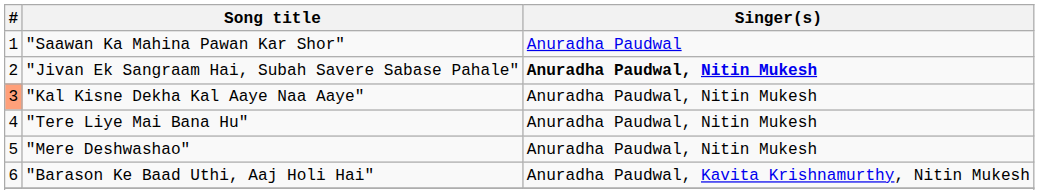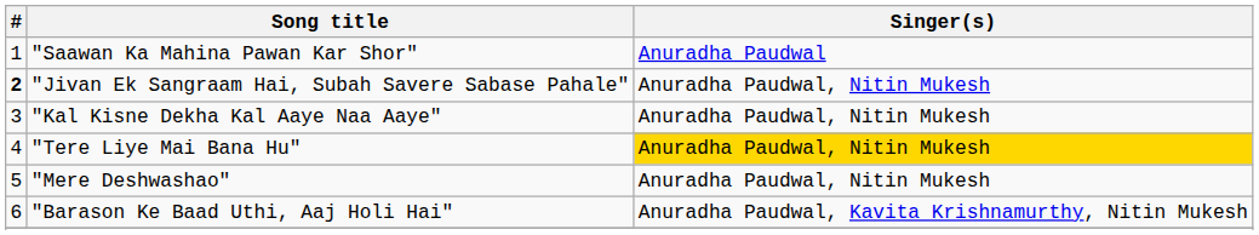 <table class="wikitable">
 <tr>
 <th>#</th>
 <th>Song title</th>
 <th>Singer(s)</th>
 </tr>
 <tr>
 <td>1</td>
 <td>"Saawan Ka Mahina Pawan Kar Shor"</td>
 <td><a href='#'>Anuradha Paudwal</a></td>
 </tr>
 <tr>
-<td>2</td>
+<td><strong>2</strong></td>
 <td>"Jivan Ek Sangraam Hai, Subah Savere Sabase Pahale"</td>
-<td><strong>Anuradha Paudwal, <a href='#'>Nitin Mukesh</a></strong></td>
+<td>Anuradha Paudwal, <a href='#'>Nitin Mukesh</a></td>
 </tr>
 <tr>
-<td style="background: lightsalmon;">3</td>
+<td>3</td>
 <td>"Kal Kisne Dekha Kal Aaye Naa Aaye"</td>
 <td>Anuradha Paudwal, Nitin Mukesh</td>
 </tr>
 <tr>
 <td>4</td>
 <td>"Tere Liye Mai Bana Hu"</td>
-<td>Anuradha Paudwal, Nitin Mukesh</td>
+<td style="background: gold;">Anuradha Paudwal, Nitin Mukesh</td>
 </tr>
 <tr>
 <td>5</td>
 <td>"Mere Deshwashao"</td>
 <td>Anuradha Paudwal, Nitin Mukesh</td>
 </tr>
 <tr>
 <td>6</td>
 <td>"Barason Ke Baad Uthi, Aaj Holi Hai"</td>
 <td>Anuradha Paudwal, <a href='#'>Kavita Krishnamurthy</a>, Nitin Mukesh</td>
 </tr>
 <tr>
 </tr>
 <tr>
 </tr>
 </table>
